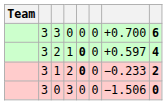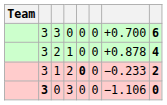 <table class="wikitable" style="text-align:center">
 <tr style="tittlebackground:lightblue;">
 <th>Team</th>
 <th></th>
 <th></th>
 <th></th>
 <th></th>
 <th></th>
 <th></th>
 <th></th>
 </tr>
 <tr style="background:#cfc;">
 <td style="text-align:left"></td>
 <td>3</td>
 <td>3</td>
 <td>0</td>
 <td>0</td>
 <td>0</td>
 <td>+0.700</td>
 <td><strong>6</strong></td>
 </tr>
 <tr style="background:#cfc;">
 <td style="text-align:left"></td>
 <td>3</td>
 <td>2</td>
 <td>1</td>
-<td><strong>0</strong></td>
 <td>0</td>
-<td>+0.597</td>
+<td>0</td>
+<td>+0.878</td>
 <td><strong>4</strong></td>
 </tr>
 <tr style="background:#fcc;">
 <td style="text-align:left"></td>
 <td>3</td>
 <td>1</td>
 <td>2</td>
 <td><strong>0</strong></td>
 <td>0</td>
 <td>−0.233</td>
 <td><strong>2</strong></td>
 </tr>
 <tr style="background:#fcc;">
 <td style="text-align:left"></td>
-<td>3</td>
+<td><strong>3</strong></td>
 <td>0</td>
 <td>3</td>
 <td>0</td>
 <td>0</td>
-<td>−1.506</td>
+<td>−1.106</td>
 <td><strong>0</strong></td>
 </tr>
 </table>
